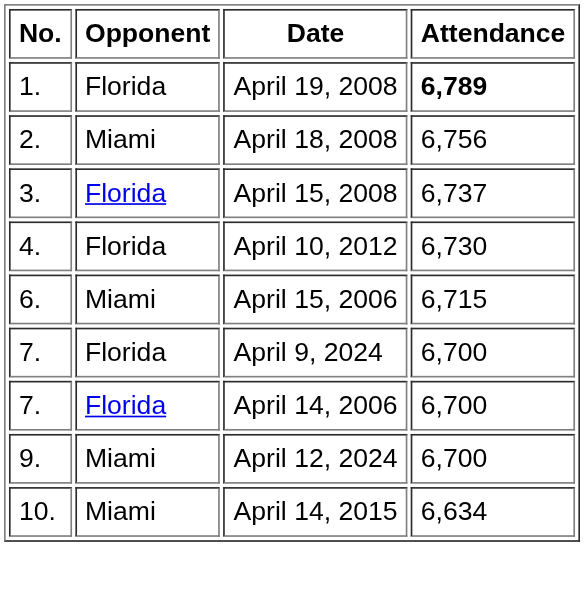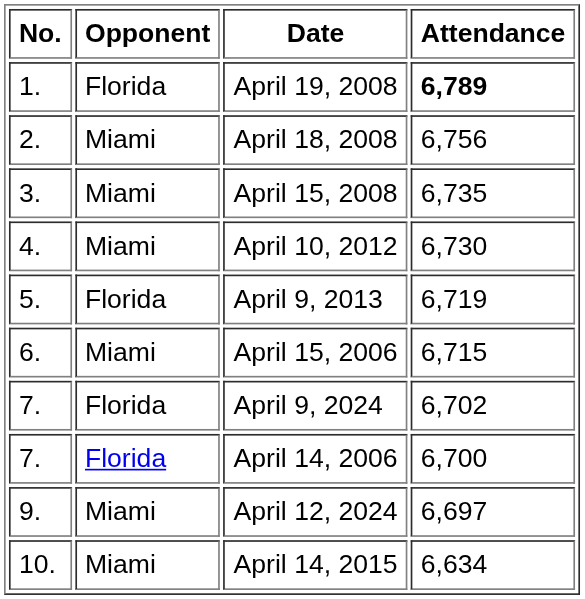 <table border="1" cellpadding="5">
 <tr>
 <th>No.</th>
 <th>Opponent</th>
 <th>Date</th>
 <th>Attendance</th>
 </tr>
 <tr>
 <td>1.</td>
 <td>Florida</td>
 <td>April 19, 2008</td>
 <td><strong>6,789</strong></td>
 </tr>
 <tr>
 <td>2.</td>
 <td>Miami</td>
 <td>April 18, 2008</td>
 <td>6,756</td>
 </tr>
 <tr>
 <td>3.</td>
-<td><a href='#'>Florida</a></td>
+<td>Miami</td>
 <td>April 15, 2008</td>
-<td>6,737</td>
+<td>6,735</td>
 </tr>
 <tr>
 <td>4.</td>
-<td>Florida</td>
+<td>Miami</td>
 <td>April 10, 2012</td>
 <td>6,730</td>
+</tr>
+<tr>
+<td>5.</td>
+<td>Florida</td>
+<td>April 9, 2013</td>
+<td>6,719</td>
 </tr>
 <tr>
 <td>6.</td>
 <td>Miami</td>
 <td>April 15, 2006</td>
 <td>6,715</td>
 </tr>
 <tr>
 <td>7.</td>
 <td>Florida</td>
 <td>April 9, 2024</td>
-<td>6,700</td>
+<td>6,702</td>
 </tr>
 <tr>
 <td>7.</td>
 <td><a href='#'>Florida</a></td>
 <td>April 14, 2006</td>
 <td>6,700</td>
 </tr>
 <tr>
 <td>9.</td>
 <td>Miami</td>
 <td>April 12, 2024</td>
-<td>6,700</td>
+<td>6,697</td>
 </tr>
 <tr>
 <td>10.</td>
 <td>Miami</td>
 <td>April 14, 2015</td>
 <td>6,634</td>
 </tr>
 </table>
